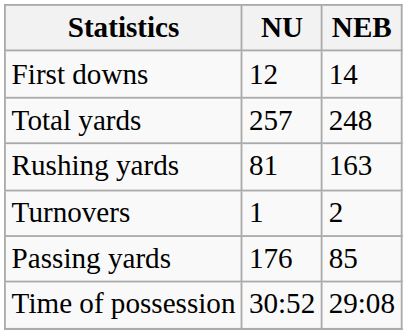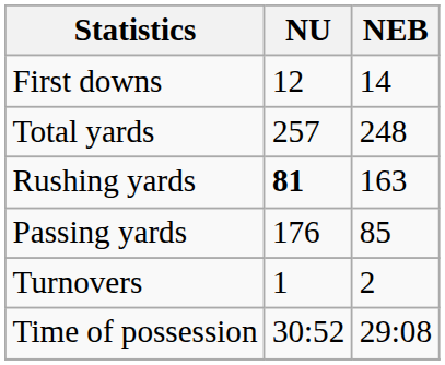 <table class="wikitable">
 <tr>
 <th>Statistics</th>
 <th>NU</th>
 <th>NEB</th>
 </tr>
 <tr>
 <td>First downs</td>
 <td>12</td>
 <td>14</td>
 </tr>
 <tr>
 <td>Total yards</td>
 <td>257</td>
 <td>248</td>
 </tr>
 <tr>
 <td>Rushing yards</td>
-<td>81</td>
+<td><strong>81</strong></td>
 <td>163</td>
+</tr>
+<tr>
+<td>Passing yards</td>
+<td>176</td>
+<td>85</td>
 </tr>
 <tr>
 <td>Turnovers</td>
 <td>1</td>
 <td>2</td>
-</tr>
-<tr>
-<td>Passing yards</td>
-<td>176</td>
-<td>85</td>
 </tr>
 <tr>
 <td>Time of possession</td>
 <td>30:52</td>
 <td>29:08</td>
 </tr>
 <tr>
 </tr>
 </table>
